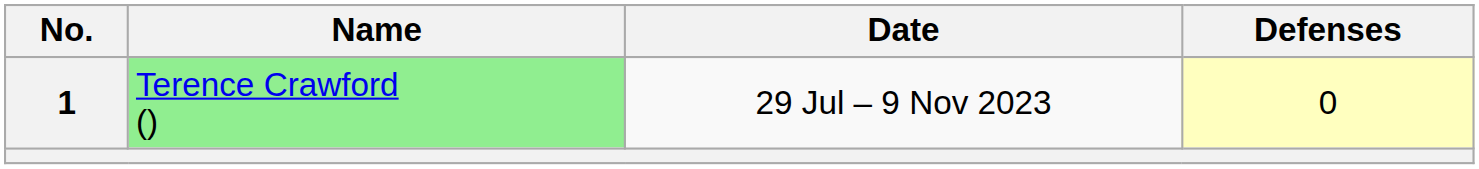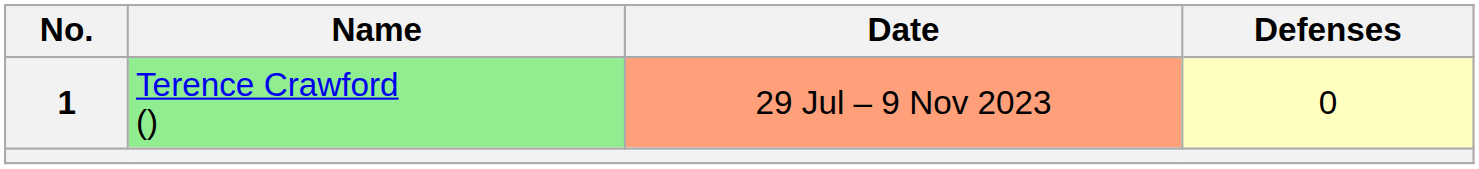 <table class="wikitable sortable" style="width:80%">
 <tr>
 <th>No.</th>
 <th>Name</th>
 <th>Date</th>
 <th>Defenses</th>
 </tr>
 <tr align=center>
 <th>1</th>
 <td align=left style="background: lightgreen;"><a href='#'>Terence Crawford</a><br>()</td>
-<td>29 Jul – 9 Nov 2023</td>
+<td style="background: lightsalmon;">29 Jul – 9 Nov 2023</td>
 <td style="background:#ffffbf;">0</td>
 </tr>
 <tr align=center>
 <th colspan=4></th>
 </tr>
 </table>
